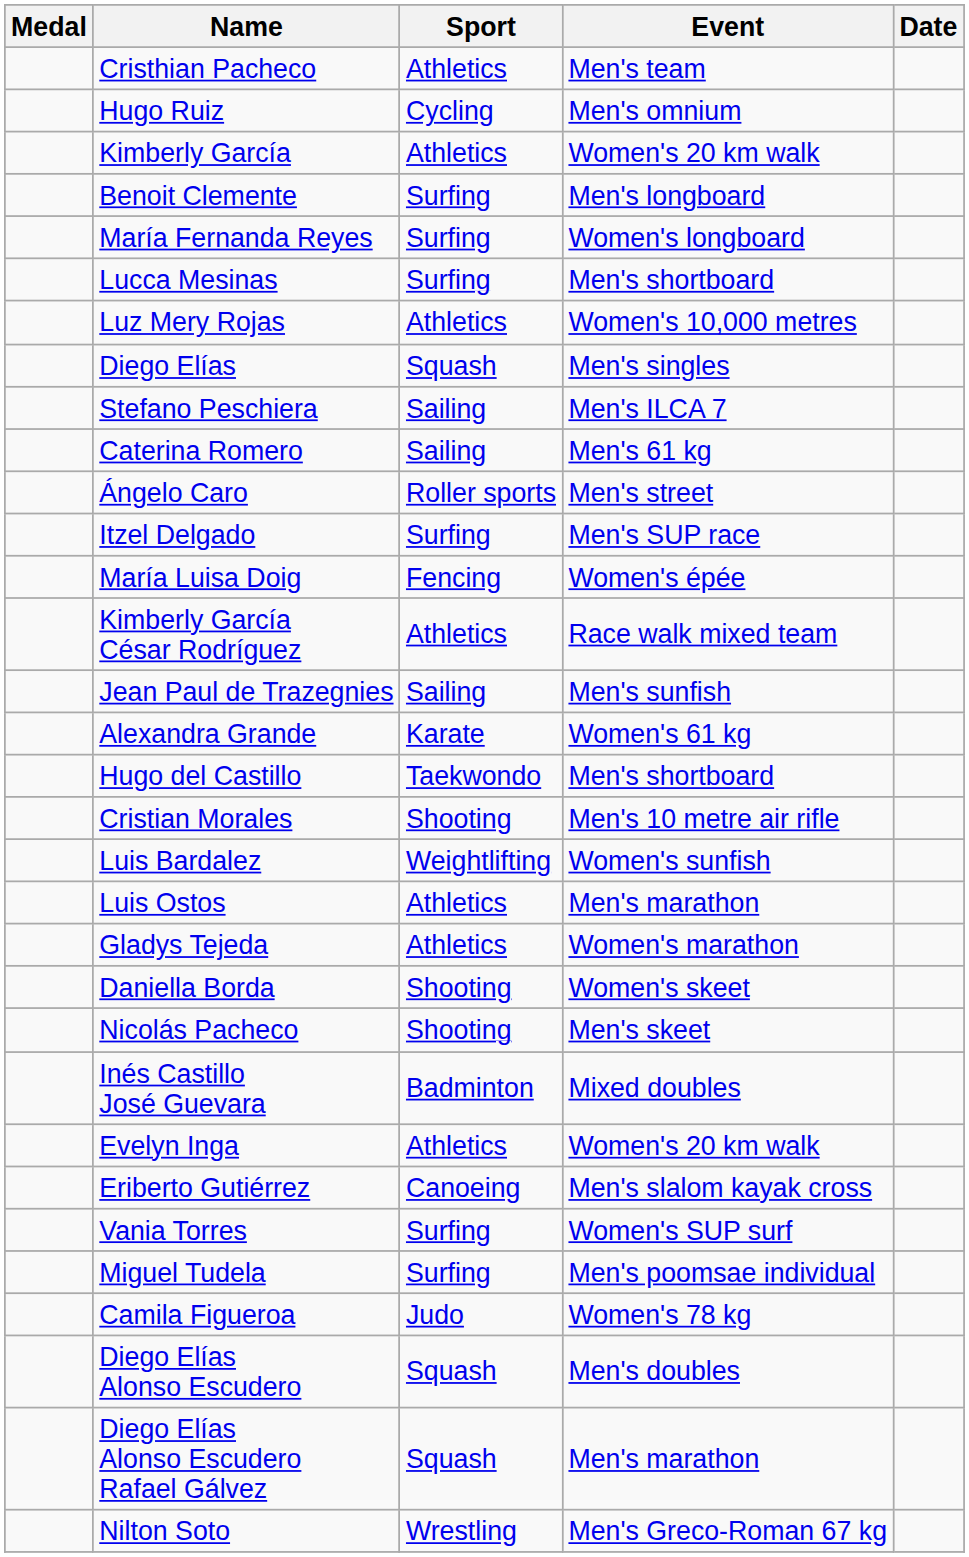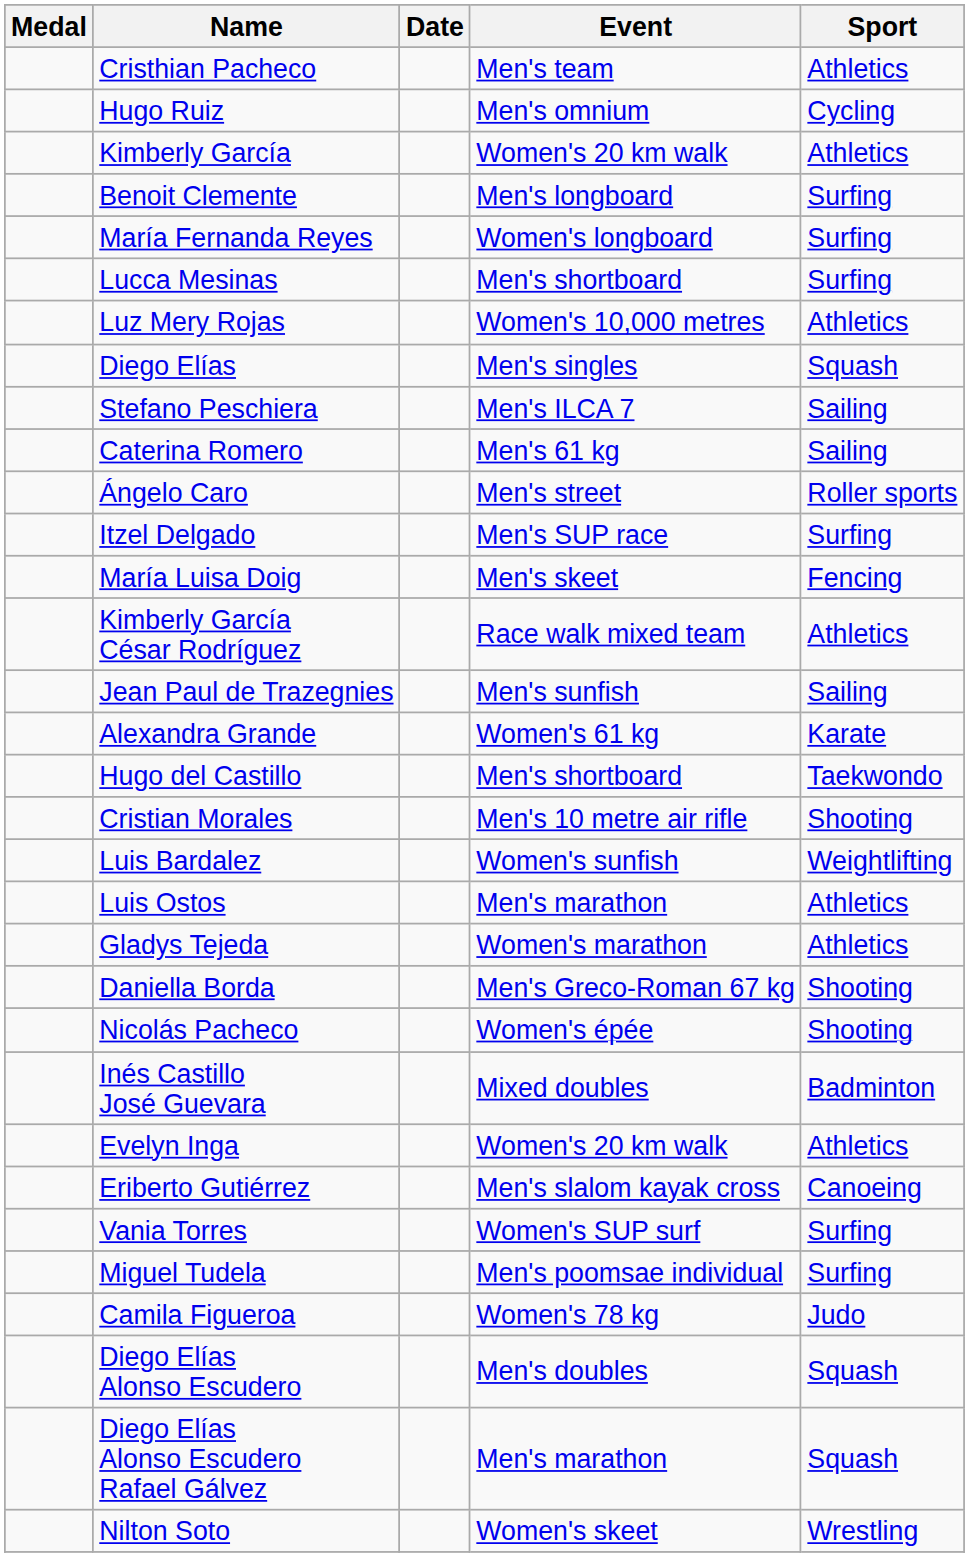 <table class="wikitable sortable" style="font-size:95%">
 <tr>
 <th>Medal</th>
 <th>Name</th>
+<th>Date</th>
+<th>Event</th>
 <th>Sport</th>
-<th>Event</th>
-<th>Date</th>
 </tr>
 <tr>
 <td></td>
 <td><a href='#'>Cristhian Pacheco</a></td>
+<td></td>
+<td><a href='#'>Men's team</a></td>
 <td><a href='#'>Athletics</a></td>
-<td><a href='#'>Men's team</a></td>
-<td></td>
 </tr>
 <tr>
 <td></td>
 <td><a href='#'>Hugo Ruiz</a></td>
+<td></td>
+<td><a href='#'>Men's omnium</a></td>
 <td><a href='#'>Cycling</a></td>
-<td><a href='#'>Men's omnium</a></td>
-<td></td>
 </tr>
 <tr>
 <td></td>
 <td><a href='#'>Kimberly García</a></td>
+<td></td>
+<td><a href='#'>Women's 20 km walk</a></td>
 <td><a href='#'>Athletics</a></td>
-<td><a href='#'>Women's 20 km walk</a></td>
-<td></td>
 </tr>
 <tr>
 <td></td>
 <td><a href='#'>Benoit Clemente</a></td>
+<td></td>
+<td><a href='#'>Men's longboard</a></td>
 <td><a href='#'>Surfing</a></td>
-<td><a href='#'>Men's longboard</a></td>
-<td></td>
 </tr>
 <tr>
 <td></td>
 <td><a href='#'>María Fernanda Reyes</a></td>
+<td></td>
+<td><a href='#'>Women's longboard</a></td>
 <td><a href='#'>Surfing</a></td>
-<td><a href='#'>Women's longboard</a></td>
-<td></td>
 </tr>
 <tr>
 <td></td>
 <td><a href='#'>Lucca Mesinas</a></td>
+<td></td>
+<td><a href='#'>Men's shortboard</a></td>
 <td><a href='#'>Surfing</a></td>
-<td><a href='#'>Men's shortboard</a></td>
-<td></td>
 </tr>
 <tr>
 <td></td>
 <td><a href='#'>Luz Mery Rojas</a></td>
+<td></td>
+<td><a href='#'>Women's 10,000 metres</a></td>
 <td><a href='#'>Athletics</a></td>
-<td><a href='#'>Women's 10,000 metres</a></td>
-<td></td>
 </tr>
 <tr>
 <td></td>
 <td><a href='#'>Diego Elías</a></td>
+<td></td>
+<td><a href='#'>Men's singles</a></td>
 <td><a href='#'>Squash</a></td>
-<td><a href='#'>Men's singles</a></td>
-<td></td>
 </tr>
 <tr>
 <td></td>
 <td><a href='#'>Stefano Peschiera</a></td>
+<td></td>
+<td><a href='#'>Men's ILCA 7</a></td>
 <td><a href='#'>Sailing</a></td>
-<td><a href='#'>Men's ILCA 7</a></td>
-<td></td>
 </tr>
 <tr>
 <td></td>
 <td><a href='#'>Caterina Romero</a></td>
+<td></td>
+<td><a href='#'>Men's 61 kg</a></td>
 <td><a href='#'>Sailing</a></td>
-<td><a href='#'>Men's 61 kg</a></td>
-<td></td>
 </tr>
 <tr>
 <td></td>
 <td><a href='#'>Ángelo Caro</a></td>
+<td></td>
+<td><a href='#'>Men's street</a></td>
 <td><a href='#'>Roller sports</a></td>
-<td><a href='#'>Men's street</a></td>
-<td></td>
 </tr>
 <tr>
 <td></td>
 <td><a href='#'>Itzel Delgado</a></td>
+<td></td>
+<td><a href='#'>Men's SUP race</a></td>
 <td><a href='#'>Surfing</a></td>
-<td><a href='#'>Men's SUP race</a></td>
-<td></td>
 </tr>
 <tr>
 <td></td>
 <td><a href='#'>María Luisa Doig</a></td>
+<td></td>
+<td><a href='#'>Men's skeet</a></td>
 <td><a href='#'>Fencing</a></td>
-<td><a href='#'>Women's épée</a></td>
-<td></td>
 </tr>
 <tr>
 <td></td>
 <td><a href='#'>Kimberly García</a><br><a href='#'>César Rodríguez</a></td>
+<td></td>
+<td><a href='#'>Race walk mixed team</a></td>
 <td><a href='#'>Athletics</a></td>
-<td><a href='#'>Race walk mixed team</a></td>
-<td></td>
 </tr>
 <tr>
 <td></td>
 <td><a href='#'>Jean Paul de Trazegnies</a></td>
+<td></td>
+<td><a href='#'>Men's sunfish</a></td>
 <td><a href='#'>Sailing</a></td>
-<td><a href='#'>Men's sunfish</a></td>
-<td></td>
 </tr>
 <tr>
 <td></td>
 <td><a href='#'>Alexandra Grande</a></td>
+<td></td>
+<td><a href='#'>Women's 61 kg</a></td>
 <td><a href='#'>Karate</a></td>
-<td><a href='#'>Women's 61 kg</a></td>
-<td></td>
 </tr>
 <tr>
 <td></td>
 <td><a href='#'>Hugo del Castillo</a></td>
+<td></td>
+<td><a href='#'>Men's shortboard</a></td>
 <td><a href='#'>Taekwondo</a></td>
-<td><a href='#'>Men's shortboard</a></td>
-<td></td>
 </tr>
 <tr>
 <td></td>
 <td><a href='#'>Cristian Morales</a></td>
+<td></td>
+<td><a href='#'>Men's 10 metre air rifle</a></td>
 <td><a href='#'>Shooting</a></td>
-<td><a href='#'>Men's 10 metre air rifle</a></td>
-<td></td>
 </tr>
 <tr>
 <td></td>
 <td><a href='#'>Luis Bardalez</a></td>
+<td></td>
+<td><a href='#'>Women's sunfish</a></td>
 <td><a href='#'>Weightlifting</a></td>
-<td><a href='#'>Women's sunfish</a></td>
-<td></td>
 </tr>
 <tr>
 <td></td>
 <td><a href='#'>Luis Ostos</a></td>
+<td></td>
+<td><a href='#'>Men's marathon</a></td>
 <td><a href='#'>Athletics</a></td>
-<td><a href='#'>Men's marathon</a></td>
-<td></td>
 </tr>
 <tr>
 <td></td>
 <td><a href='#'>Gladys Tejeda</a></td>
+<td></td>
+<td><a href='#'>Women's marathon</a></td>
 <td><a href='#'>Athletics</a></td>
-<td><a href='#'>Women's marathon</a></td>
-<td></td>
 </tr>
 <tr>
 <td></td>
 <td><a href='#'>Daniella Borda</a></td>
+<td></td>
+<td><a href='#'>Men's Greco-Roman 67 kg</a></td>
 <td><a href='#'>Shooting</a></td>
-<td><a href='#'>Women's skeet</a></td>
-<td></td>
 </tr>
 <tr>
 <td></td>
 <td><a href='#'>Nicolás Pacheco</a></td>
+<td></td>
+<td><a href='#'>Women's épée</a></td>
 <td><a href='#'>Shooting</a></td>
-<td><a href='#'>Men's skeet</a></td>
-<td></td>
 </tr>
 <tr>
 <td></td>
 <td><a href='#'>Inés Castillo</a><br><a href='#'>José Guevara</a></td>
+<td></td>
+<td><a href='#'>Mixed doubles</a></td>
 <td><a href='#'>Badminton</a></td>
-<td><a href='#'>Mixed doubles</a></td>
-<td></td>
 </tr>
 <tr>
 <td></td>
 <td><a href='#'>Evelyn Inga⁣⁣</a></td>
+<td></td>
+<td><a href='#'>Women's 20 km walk</a></td>
 <td><a href='#'>Athletics</a></td>
-<td><a href='#'>Women's 20 km walk</a></td>
-<td></td>
 </tr>
 <tr>
 <td></td>
 <td><a href='#'>Eriberto Gutiérrez⁣⁣</a></td>
+<td></td>
+<td><a href='#'>Men's slalom kayak cross</a></td>
 <td><a href='#'>Canoeing</a></td>
-<td><a href='#'>Men's slalom kayak cross</a></td>
-<td></td>
 </tr>
 <tr>
 <td></td>
 <td><a href='#'>Vania Torres</a></td>
+<td></td>
+<td><a href='#'>Women's SUP surf</a></td>
 <td><a href='#'>Surfing</a></td>
-<td><a href='#'>Women's SUP surf</a></td>
-<td></td>
 </tr>
 <tr>
 <td></td>
 <td><a href='#'>Miguel Tudela</a></td>
+<td></td>
+<td><a href='#'>Men's poomsae individual</a></td>
 <td><a href='#'>Surfing</a></td>
-<td><a href='#'>Men's poomsae individual</a></td>
-<td></td>
 </tr>
 <tr>
 <td></td>
 <td><a href='#'>Camila Figueroa</a></td>
+<td></td>
+<td><a href='#'>Women's 78 kg</a></td>
 <td><a href='#'>Judo</a></td>
-<td><a href='#'>Women's 78 kg</a></td>
-<td></td>
 </tr>
 <tr>
 <td></td>
 <td><a href='#'>Diego Elías</a><br><a href='#'>Alonso Escudero</a></td>
+<td></td>
+<td><a href='#'>Men's doubles</a></td>
 <td><a href='#'>Squash</a></td>
-<td><a href='#'>Men's doubles</a></td>
-<td></td>
 </tr>
 <tr>
 <td></td>
 <td><a href='#'>Diego Elías</a><br><a href='#'>Alonso Escudero</a><br><a href='#'>Rafael Gálvez</a></td>
+<td></td>
+<td><a href='#'>Men's marathon</a></td>
 <td><a href='#'>Squash</a></td>
-<td><a href='#'>Men's marathon</a></td>
-<td></td>
 </tr>
 <tr>
 <td></td>
 <td><a href='#'>Nilton Soto</a></td>
+<td></td>
+<td><a href='#'>Women's skeet</a></td>
 <td><a href='#'>Wrestling</a></td>
-<td><a href='#'>Men's Greco-Roman 67 kg</a></td>
-<td></td>
 </tr>
 </table>
